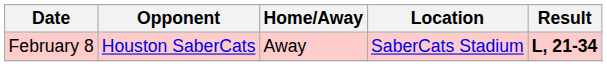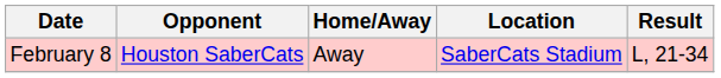 <table class="wikitable mw-collapsible">
 <tr>
 <th>Date</th>
 <th>Opponent</th>
 <th>Home/Away</th>
 <th>Location</th>
 <th>Result</th>
 </tr>
 <tr bgcolor="#FFCCCC">
 <td>February 8</td>
 <td><a href='#'>Houston SaberCats</a></td>
 <td>Away</td>
 <td><a href='#'>SaberCats Stadium</a></td>
-<td><strong>L, 21-34</strong></td>
+<td>L, 21-34</td>
 </tr>
 <tr>
 </tr>
 </table>
